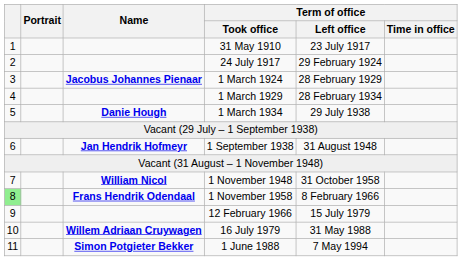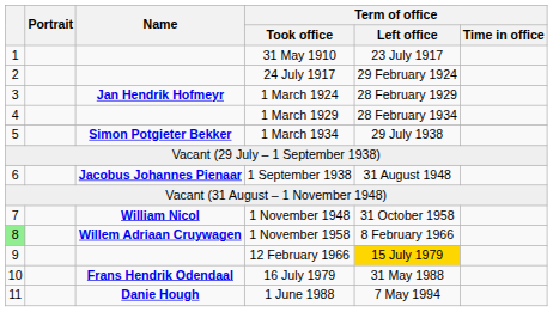 <table class="wikitable" style="text-align:center">
 <tr>
 <th rowspan=2></th>
 <th rowspan=2>Portrait</th>
 <th rowspan=2>Name<br></th>
 <th colspan=3>Term of office</th>
 </tr>
 <tr>
 <th>Took office</th>
 <th>Left office</th>
 <th>Time in office</th>
 </tr>
 <tr>
 <td>1</td>
 <td></td>
 <td><strong></strong><br></td>
 <td>31 May 1910</td>
 <td>23 July 1917</td>
 <td></td>
 </tr>
 <tr>
 <td>2</td>
 <td></td>
 <td><strong></strong><br></td>
 <td>24 July 1917</td>
 <td>29 February 1924</td>
 <td></td>
 </tr>
 <tr>
 <td>3</td>
 <td></td>
-<td><strong><a href='#'>Jacobus Johannes Pienaar</a></strong><br></td>
+<td><strong><a href='#'>Jan Hendrik Hofmeyr</a></strong><br></td>
 <td>1 March 1924</td>
 <td>28 February 1929</td>
 <td></td>
 </tr>
 <tr>
 <td>4</td>
 <td></td>
 <td><strong></strong><br></td>
 <td>1 March 1929</td>
 <td>28 February 1934</td>
 <td></td>
 </tr>
 <tr>
 <td>5</td>
 <td></td>
-<td><strong><a href='#'>Danie Hough</a></strong><br></td>
+<td><strong><a href='#'>Simon Potgieter Bekker</a></strong><br></td>
 <td>1 March 1934</td>
 <td>29 July 1938</td>
 <td></td>
 </tr>
 <tr style="background:#efefef;">
 <td colspan=6>Vacant (29 July – 1 September 1938)</td>
 </tr>
 <tr>
 <td>6</td>
 <td></td>
-<td><strong><a href='#'>Jan Hendrik Hofmeyr</a></strong><br></td>
+<td><strong><a href='#'>Jacobus Johannes Pienaar</a></strong><br></td>
 <td>1 September 1938</td>
 <td>31 August 1948</td>
 <td></td>
 </tr>
 <tr style="background:#efefef;">
 <td colspan=6>Vacant (31 August – 1 November 1948)</td>
 </tr>
 <tr>
 <td>7</td>
 <td></td>
 <td><strong><a href='#'>William Nicol</a></strong><br></td>
 <td>1 November 1948</td>
 <td>31 October 1958</td>
 <td></td>
 </tr>
 <tr>
 <td style="background: lightgreen;">8</td>
 <td></td>
-<td><strong><a href='#'>Frans Hendrik Odendaal</a></strong><br></td>
+<td><strong><a href='#'>Willem Adriaan Cruywagen</a></strong><br></td>
 <td>1 November 1958</td>
 <td>8 February 1966</td>
 <td></td>
 </tr>
 <tr>
 <td>9</td>
 <td></td>
 <td><strong></strong><br></td>
 <td>12 February 1966</td>
-<td>15 July 1979</td>
+<td style="background: gold;">15 July 1979</td>
 <td></td>
 </tr>
 <tr>
 <td>10</td>
 <td></td>
-<td><strong><a href='#'>Willem Adriaan Cruywagen</a></strong><br></td>
+<td><strong><a href='#'>Frans Hendrik Odendaal</a></strong><br></td>
 <td>16 July 1979</td>
 <td>31 May 1988</td>
 <td></td>
 </tr>
 <tr>
 <td>11</td>
 <td></td>
-<td><strong><a href='#'>Simon Potgieter Bekker</a></strong><br></td>
+<td><strong><a href='#'>Danie Hough</a></strong><br></td>
 <td>1 June 1988</td>
 <td>7 May 1994</td>
 <td></td>
 </tr>
 </table>
